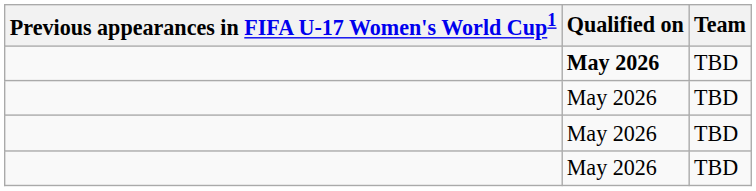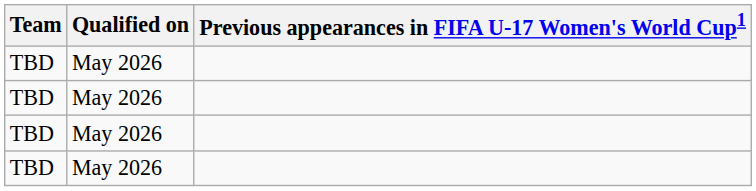 <table class="wikitable sortable">
 <tr>
+<th>Team</th>
+<th>Qualified on</th>
 <th data-sort-type="number">Previous appearances in <a href='#'>FIFA U-17 Women's World Cup</a><sup><strong><a href='#'>1</a></strong></sup></th>
-<th>Qualified on</th>
-<th>Team</th>
 </tr>
 <tr>
+<td>TBD</td>
+<td>May 2026</td>
 <td></td>
-<td><strong>May 2026</strong></td>
-<td>TBD</td>
 </tr>
 <tr>
+<td>TBD</td>
+<td>May 2026</td>
 <td></td>
-<td>May 2026</td>
-<td>TBD</td>
 </tr>
 <tr>
+<td>TBD</td>
+<td>May 2026</td>
 <td></td>
-<td>May 2026</td>
-<td>TBD</td>
 </tr>
 <tr>
+<td>TBD</td>
+<td>May 2026</td>
 <td></td>
-<td>May 2026</td>
-<td>TBD</td>
 </tr>
 </table>
